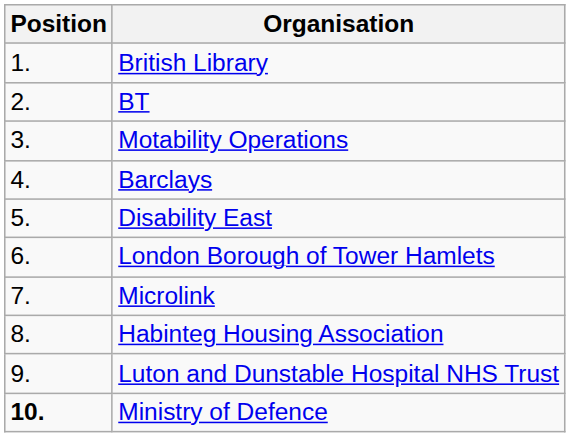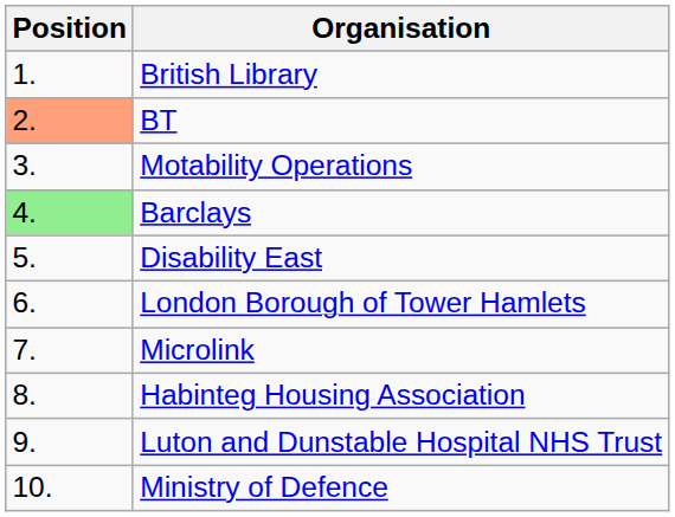 <table class="wikitable">
 <tr>
 <th>Position</th>
 <th>Organisation</th>
 </tr>
 <tr>
 <td>1.</td>
 <td><a href='#'>British Library</a></td>
 </tr>
 <tr>
-<td>2.</td>
+<td style="background: lightsalmon;">2.</td>
 <td><a href='#'>BT</a></td>
 </tr>
 <tr>
 <td>3.</td>
 <td><a href='#'>Motability Operations</a></td>
 </tr>
 <tr>
-<td>4.</td>
+<td style="background: lightgreen;">4.</td>
 <td><a href='#'>Barclays</a></td>
 </tr>
 <tr>
 <td>5.</td>
 <td><a href='#'>Disability East</a></td>
 </tr>
 <tr>
 <td>6.</td>
 <td><a href='#'>London Borough of Tower Hamlets</a></td>
 </tr>
 <tr>
 <td>7.</td>
 <td><a href='#'>Microlink</a></td>
 </tr>
 <tr>
 <td>8.</td>
 <td><a href='#'>Habinteg Housing Association</a></td>
 </tr>
 <tr>
 <td>9.</td>
 <td><a href='#'>Luton and Dunstable Hospital NHS Trust</a></td>
 </tr>
 <tr>
-<td><strong>10.</strong></td>
+<td>10.</td>
 <td><a href='#'>Ministry of Defence</a></td>
 </tr>
 </table>
